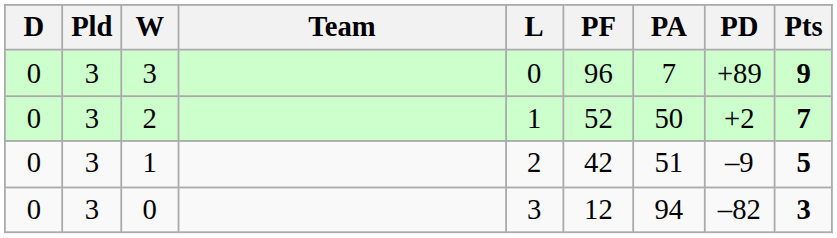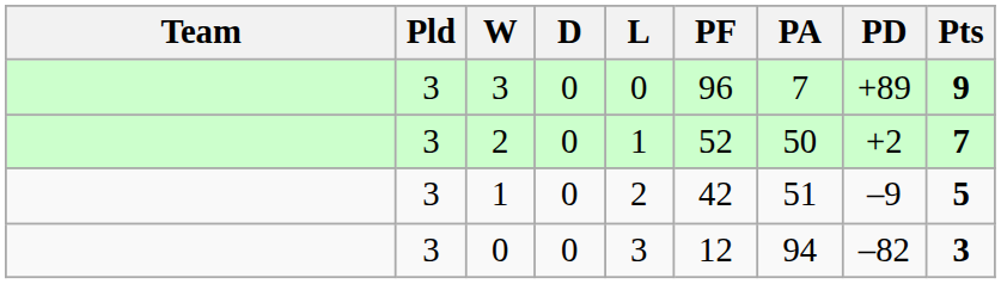 <table class="wikitable" style="text-align:center;">
 <tr>
-<th width=25 abbr="Drawn">D</th>
+<th width=175>Team</th>
 <th width=25 abbr="Played">Pld</th>
 <th width=25 abbr="Won">W</th>
-<th width=175>Team</th>
+<th width=25 abbr="Drawn">D</th>
 <th width=25 abbr="Lost">L</th>
 <th width=32 abbr="Points for">PF</th>
 <th width=32 abbr="Points against">PA</th>
 <th width=32 abbr="Points difference">PD</th>
 <th width=25 abbr="Points">Pts</th>
 </tr>
 <tr bgcolor=ccffcc>
-<td>0</td>
+<td align=left></td>
 <td>3</td>
 <td>3</td>
-<td align=left></td>
+<td>0</td>
 <td>0</td>
 <td>96</td>
 <td>7</td>
 <td>+89</td>
 <td><strong>9</strong></td>
 </tr>
 <tr bgcolor=ccffcc>
-<td>0</td>
+<td align=left></td>
 <td>3</td>
 <td>2</td>
-<td align=left></td>
+<td>0</td>
 <td>1</td>
 <td>52</td>
 <td>50</td>
 <td>+2</td>
 <td><strong>7</strong></td>
 </tr>
 <tr>
-<td>0</td>
+<td align=left></td>
 <td>3</td>
 <td>1</td>
-<td align=left></td>
+<td>0</td>
 <td>2</td>
 <td>42</td>
 <td>51</td>
 <td>–9</td>
 <td><strong>5</strong></td>
 </tr>
 <tr>
-<td>0</td>
+<td align=left></td>
 <td>3</td>
 <td>0</td>
-<td align=left></td>
+<td>0</td>
 <td>3</td>
 <td>12</td>
 <td>94</td>
 <td>–82</td>
 <td><strong>3</strong></td>
 </tr>
 </table>
